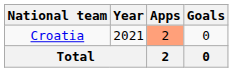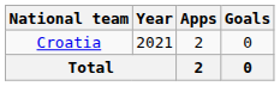 <table class="wikitable" style="text-align:center">
 <tr>
 <th>National team</th>
 <th>Year</th>
 <th>Apps</th>
 <th>Goals</th>
 </tr>
 <tr>
 <td><a href='#'>Croatia</a></td>
 <td>2021</td>
-<td style="background: lightsalmon;">2</td>
+<td>2</td>
 <td>0</td>
 </tr>
 <tr>
 <th colspan="2">Total</th>
 <th>2</th>
 <th>0</th>
 </tr>
 </table>
